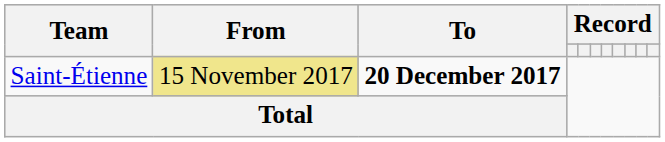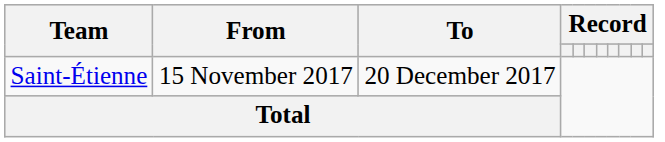 <table class="wikitable" style="text-align: center">
 <tr>
 <th rowspan="2">Team</th>
 <th rowspan="2">From</th>
 <th rowspan="2">To</th>
 <th colspan="8">Record</th>
 </tr>
 <tr>
 <th></th>
 <th></th>
 <th></th>
 <th></th>
 <th></th>
 <th></th>
 <th></th>
 <th></th>
 </tr>
 <tr>
 <td rowspan="1" align="left"><a href='#'>Saint-Étienne</a></td>
-<td rowspan="1" align="left" style="background: khaki;">15 November 2017</td>
-<td rowspan="1" align="left"><strong>20 December 2017<br></strong></td>
+<td rowspan="1" align="left">15 November 2017</td>
+<td rowspan="1" align="left">20 December 2017<br></td>
 </tr>
 <tr>
 <th colspan="3">Total<br></th>
 </tr>
 </table>
